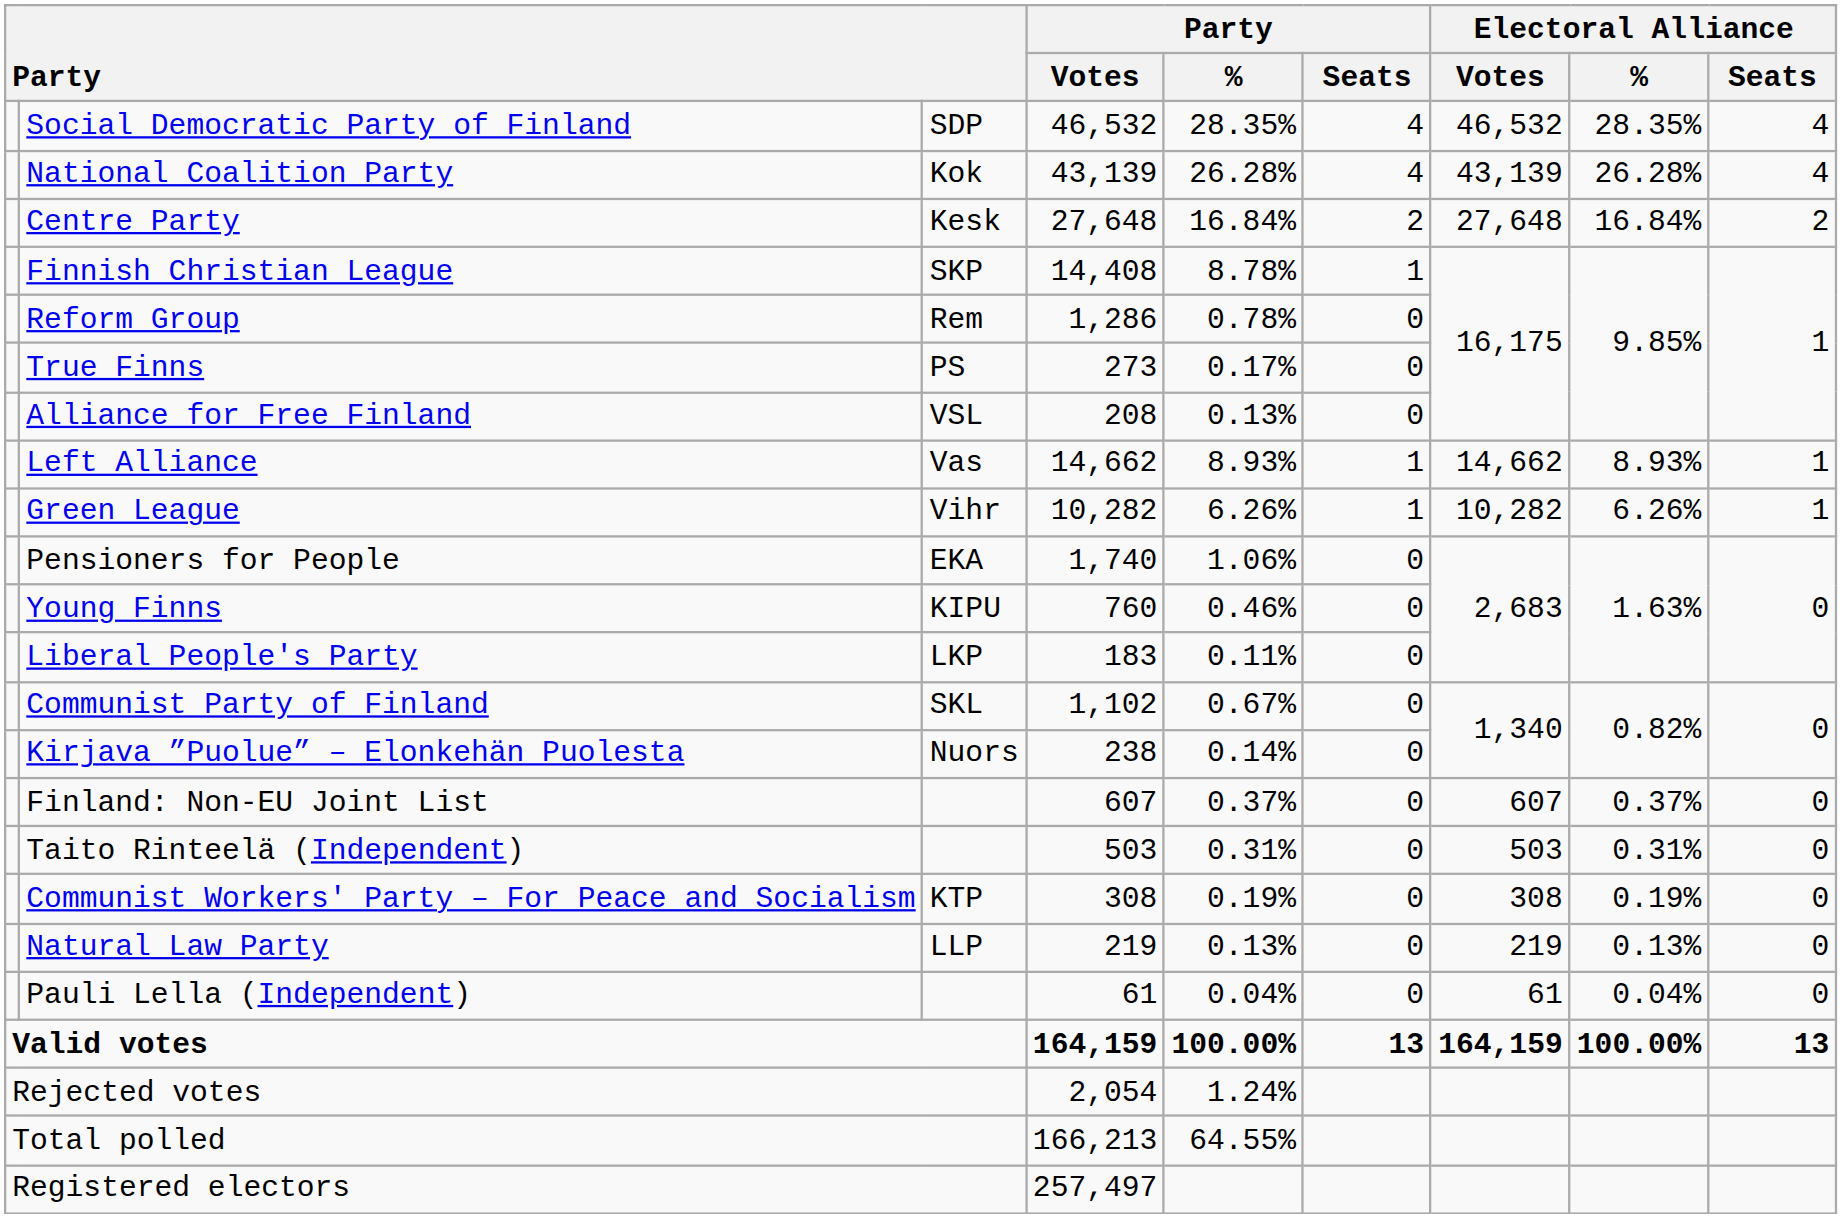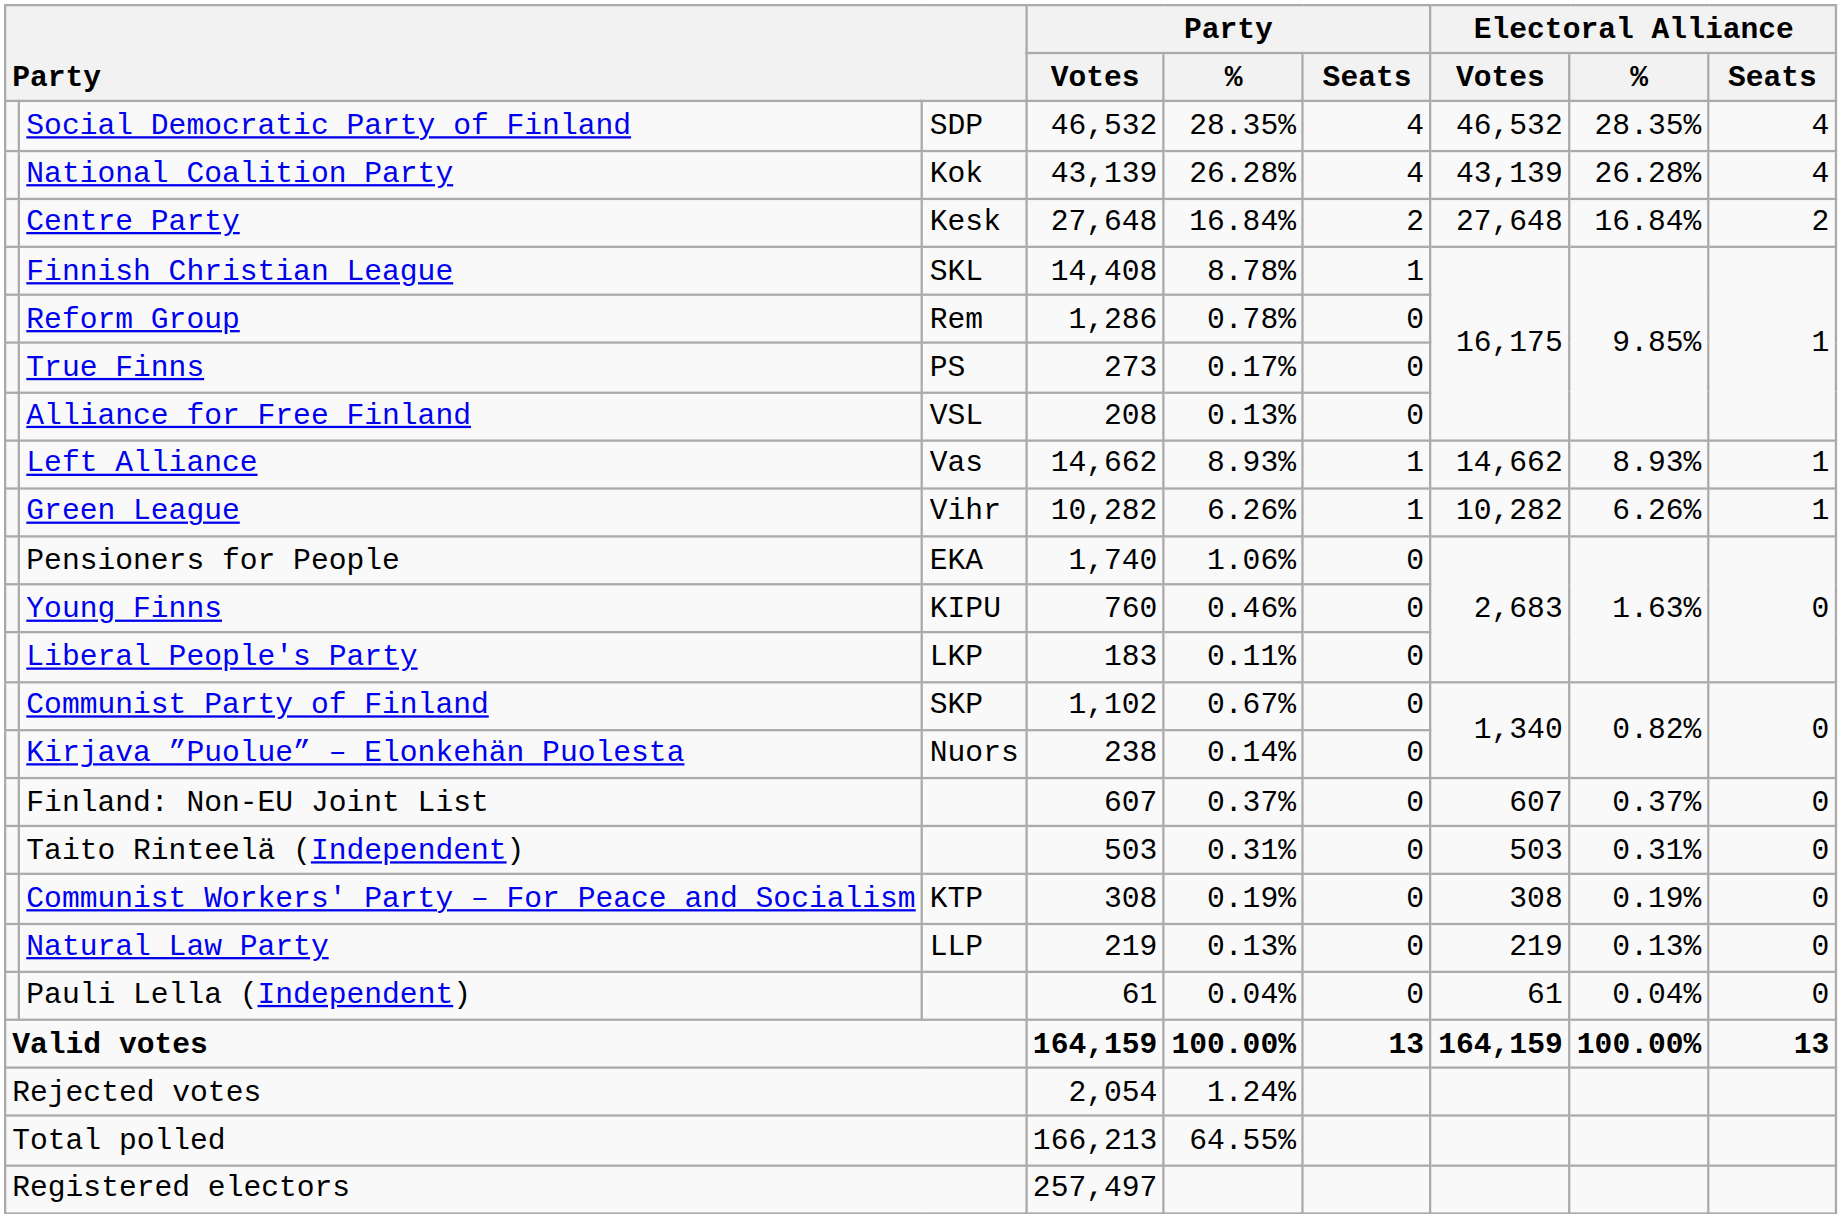 <table class="wikitable" border="1" style="text-align:right;">
 <tr>
 <th style="text-align:left;" valign=bottom rowspan=2 colspan=3>Party</th>
 <th colspan=3>Party</th>
 <th colspan=3>Electoral Alliance</th>
 </tr>
 <tr>
 <th align=center valign=bottom width="50">Votes</th>
 <th align=center valign=bottom width="50">%</th>
 <th align=center valign=bottom width="50">Seats</th>
 <th align=center valign=bottom width="50">Votes</th>
 <th align=center valign=bottom width="50">%</th>
 <th align=center valign=bottom width="50">Seats</th>
 </tr>
 <tr>
 <td></td>
 <td align=left style="white-space: nowrap;"><a href='#'>Social Democratic Party of Finland</a></td>
 <td align=left>SDP</td>
 <td>46,532</td>
 <td>28.35%</td>
 <td>4</td>
 <td>46,532</td>
 <td>28.35%</td>
 <td>4</td>
 </tr>
 <tr>
 <td></td>
 <td align=left><a href='#'>National Coalition Party</a></td>
 <td align=left>Kok</td>
 <td>43,139</td>
 <td>26.28%</td>
 <td>4</td>
 <td>43,139</td>
 <td>26.28%</td>
 <td>4</td>
 </tr>
 <tr>
 <td></td>
 <td align=left><a href='#'>Centre Party</a></td>
 <td align=left>Kesk</td>
 <td>27,648</td>
 <td>16.84%</td>
 <td>2</td>
 <td>27,648</td>
 <td>16.84%</td>
 <td>2</td>
 </tr>
 <tr>
 <td></td>
 <td align=left><a href='#'>Finnish Christian League</a></td>
-<td align=left>SKP</td>
+<td align=left>SKL</td>
 <td>14,408</td>
 <td>8.78%</td>
 <td>1</td>
 <td rowspan=4>16,175</td>
 <td rowspan=4>9.85%</td>
 <td rowspan=4>1</td>
 </tr>
 <tr>
 <td></td>
 <td align=left><a href='#'>Reform Group</a></td>
 <td align=left>Rem</td>
 <td>1,286</td>
 <td>0.78%</td>
 <td>0</td>
 </tr>
 <tr>
 <td></td>
 <td align=left><a href='#'>True Finns</a></td>
 <td align=left>PS</td>
 <td>273</td>
 <td>0.17%</td>
 <td>0</td>
 </tr>
 <tr>
 <td></td>
 <td align=left><a href='#'>Alliance for Free Finland</a></td>
 <td align=left>VSL</td>
 <td>208</td>
 <td>0.13%</td>
 <td>0</td>
 </tr>
 <tr>
 <td></td>
 <td align=left><a href='#'>Left Alliance</a></td>
 <td align=left>Vas</td>
 <td>14,662</td>
 <td>8.93%</td>
 <td>1</td>
 <td>14,662</td>
 <td>8.93%</td>
 <td>1</td>
 </tr>
 <tr>
 <td></td>
 <td align=left><a href='#'>Green League</a></td>
 <td align=left>Vihr</td>
 <td>10,282</td>
 <td>6.26%</td>
 <td>1</td>
 <td>10,282</td>
 <td>6.26%</td>
 <td>1</td>
 </tr>
 <tr>
 <td></td>
 <td align=left>Pensioners for People</td>
 <td align=left>EKA</td>
 <td>1,740</td>
 <td>1.06%</td>
 <td>0</td>
 <td rowspan=3>2,683</td>
 <td rowspan=3>1.63%</td>
 <td rowspan=3>0</td>
 </tr>
 <tr>
 <td></td>
 <td align=left><a href='#'>Young Finns</a></td>
 <td align=left>KIPU</td>
 <td>760</td>
 <td>0.46%</td>
 <td>0</td>
 </tr>
 <tr>
 <td></td>
 <td align=left><a href='#'>Liberal People's Party</a></td>
 <td align=left>LKP</td>
 <td>183</td>
 <td>0.11%</td>
 <td>0</td>
 </tr>
 <tr>
 <td></td>
 <td align=left><a href='#'>Communist Party of Finland</a></td>
-<td align=left>SKL</td>
+<td align=left>SKP</td>
 <td>1,102</td>
 <td>0.67%</td>
 <td>0</td>
 <td rowspan=2>1,340</td>
 <td rowspan=2>0.82%</td>
 <td rowspan=2>0</td>
 </tr>
 <tr>
 <td></td>
 <td align=left><a href='#'>Kirjava ”Puolue” – Elonkehän Puolesta</a></td>
 <td align=left>Nuors</td>
 <td>238</td>
 <td>0.14%</td>
 <td>0</td>
 </tr>
 <tr>
 <td></td>
 <td align=left>Finland: Non-EU Joint List</td>
 <td align=left></td>
 <td>607</td>
 <td>0.37%</td>
 <td>0</td>
 <td>607</td>
 <td>0.37%</td>
 <td>0</td>
 </tr>
 <tr>
 <td></td>
 <td align=left>Taito Rinteelä (<a href='#'>Independent</a>)</td>
 <td align=left></td>
 <td>503</td>
 <td>0.31%</td>
 <td>0</td>
 <td>503</td>
 <td>0.31%</td>
 <td>0</td>
 </tr>
 <tr>
 <td></td>
 <td align=left><a href='#'>Communist Workers' Party – For Peace and Socialism</a></td>
 <td align=left>KTP</td>
 <td>308</td>
 <td>0.19%</td>
 <td>0</td>
 <td>308</td>
 <td>0.19%</td>
 <td>0</td>
 </tr>
 <tr>
 <td></td>
 <td align=left><a href='#'>Natural Law Party</a></td>
 <td align=left>LLP</td>
 <td>219</td>
 <td>0.13%</td>
 <td>0</td>
 <td>219</td>
 <td>0.13%</td>
 <td>0</td>
 </tr>
 <tr>
 <td></td>
 <td align=left>Pauli Lella (<a href='#'>Independent</a>)</td>
 <td align=left></td>
 <td>61</td>
 <td>0.04%</td>
 <td>0</td>
 <td>61</td>
 <td>0.04%</td>
 <td>0</td>
 </tr>
 <tr style="font-weight:bold">
 <td align=left colspan=3>Valid votes</td>
 <td>164,159</td>
 <td>100.00%</td>
 <td>13</td>
 <td>164,159</td>
 <td>100.00%</td>
 <td>13</td>
 </tr>
 <tr>
 <td align=left colspan=3>Rejected votes</td>
 <td>2,054</td>
 <td>1.24%</td>
 <td></td>
 <td></td>
 <td></td>
 <td></td>
 </tr>
 <tr>
 <td align=left colspan=3>Total polled</td>
 <td>166,213</td>
 <td>64.55%</td>
 <td></td>
 <td></td>
 <td></td>
 <td></td>
 </tr>
 <tr>
 <td align=left colspan=3>Registered electors</td>
 <td>257,497</td>
 <td></td>
 <td></td>
 <td></td>
 <td></td>
 <td></td>
 </tr>
 </table>
